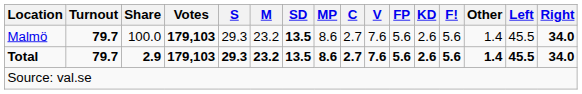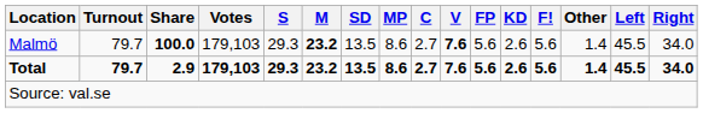 <table class="wikitable sortable" style=text-align:right>
 <tr>
 <th>Location</th>
 <th>Turnout</th>
 <th>Share</th>
 <th>Votes</th>
 <th><a href='#'>S</a></th>
 <th><a href='#'>M</a></th>
 <th><a href='#'>SD</a></th>
 <th><a href='#'>MP</a></th>
 <th><a href='#'>C</a></th>
 <th><a href='#'>V</a></th>
 <th><a href='#'>FP</a></th>
 <th><a href='#'>KD</a></th>
 <th><a href='#'>F!</a></th>
 <th>Other</th>
 <th><a href='#'>Left</a></th>
 <th><a href='#'>Right</a></th>
 </tr>
 <tr>
 <td align=left><a href='#'>Malmö</a></td>
-<td><strong>79.7</strong></td>
-<td>100.0</td>
-<td><strong>179,103</strong></td>
+<td>79.7</td>
+<td><strong>100.0</strong></td>
+<td>179,103</td>
 <td>29.3</td>
-<td>23.2</td>
-<td><strong>13.5</strong></td>
+<td><strong>23.2</strong></td>
+<td>13.5</td>
 <td>8.6</td>
 <td>2.7</td>
-<td>7.6</td>
+<td><strong>7.6</strong></td>
 <td>5.6</td>
 <td>2.6</td>
 <td>5.6</td>
 <td>1.4</td>
 <td>45.5</td>
-<td><strong>34.0</strong></td>
+<td>34.0</td>
 </tr>
 <tr>
 <td align=left><strong>Total</strong></td>
 <td><strong>79.7</strong></td>
 <td><strong>2.9</strong></td>
 <td><strong>179,103</strong></td>
 <td><strong>29.3</strong></td>
 <td><strong>23.2</strong></td>
 <td><strong>13.5</strong></td>
 <td><strong>8.6</strong></td>
 <td><strong>2.7</strong></td>
 <td><strong>7.6</strong></td>
 <td><strong>5.6</strong></td>
 <td><strong>2.6</strong></td>
 <td><strong>5.6</strong></td>
 <td><strong>1.4</strong></td>
 <td><strong>45.5</strong></td>
 <td><strong>34.0</strong></td>
 </tr>
 <tr>
 <td align=left colspan=16>Source: val.se </td>
 </tr>
 </table>
